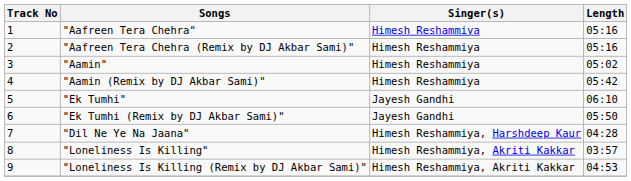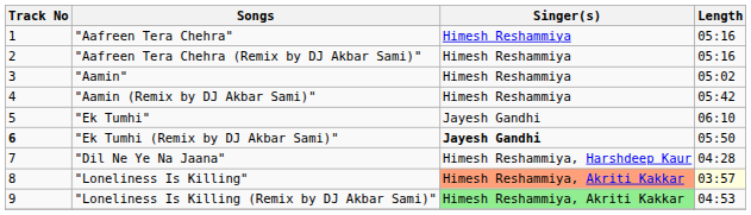 <table class="wikitable sortable">
 <tr>
 <th>Track No</th>
 <th>Songs</th>
 <th>Singer(s)</th>
 <th>Length</th>
 </tr>
 <tr>
 <td>1</td>
 <td>"Aafreen Tera Chehra"</td>
 <td><a href='#'>Himesh Reshammiya</a></td>
 <td>05:16</td>
 </tr>
 <tr>
 <td>2</td>
 <td>"Aafreen Tera Chehra (Remix by DJ Akbar Sami)"</td>
 <td>Himesh Reshammiya</td>
 <td>05:16</td>
 </tr>
 <tr>
 <td>3</td>
 <td>"Aamin"</td>
 <td>Himesh Reshammiya</td>
 <td>05:02</td>
 </tr>
 <tr>
 <td>4</td>
 <td>"Aamin (Remix by DJ Akbar Sami)"</td>
 <td>Himesh Reshammiya</td>
 <td>05:42</td>
 </tr>
 <tr>
 <td>5</td>
 <td>"Ek Tumhi"</td>
 <td>Jayesh Gandhi</td>
 <td>06:10</td>
 </tr>
 <tr>
-<td>6</td>
+<td><strong>6</strong></td>
 <td>"Ek Tumhi (Remix by DJ Akbar Sami)"</td>
-<td>Jayesh Gandhi</td>
+<td><strong>Jayesh Gandhi</strong></td>
 <td>05:50</td>
 </tr>
 <tr>
 <td>7</td>
 <td>"Dil Ne Ye Na Jaana"</td>
 <td>Himesh Reshammiya, <a href='#'>Harshdeep Kaur</a></td>
 <td>04:28</td>
 </tr>
 <tr>
 <td>8</td>
 <td>"Loneliness Is Killing"</td>
-<td>Himesh Reshammiya, <a href='#'>Akriti Kakkar</a></td>
-<td>03:57</td>
+<td style="background: lightsalmon;">Himesh Reshammiya, <a href='#'>Akriti Kakkar</a></td>
+<td style="background: lightyellow;">03:57</td>
 </tr>
 <tr>
 <td>9</td>
 <td>"Loneliness Is Killing (Remix by DJ Akbar Sami)"</td>
-<td>Himesh Reshammiya, Akriti Kakkar</td>
+<td style="background: lightgreen;">Himesh Reshammiya, Akriti Kakkar</td>
 <td>04:53</td>
 </tr>
 <tr>
 </tr>
 </table>
